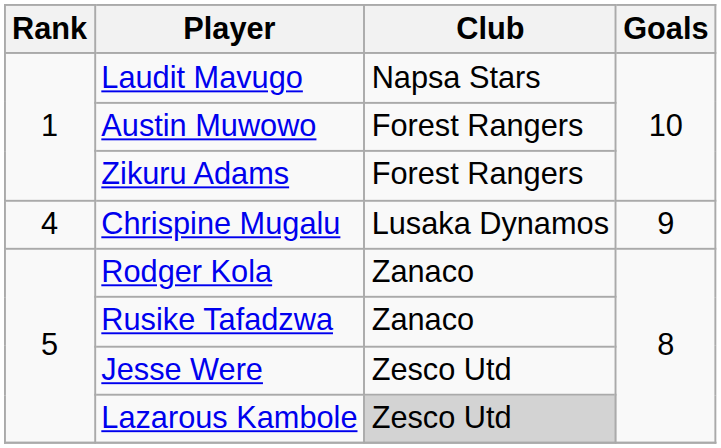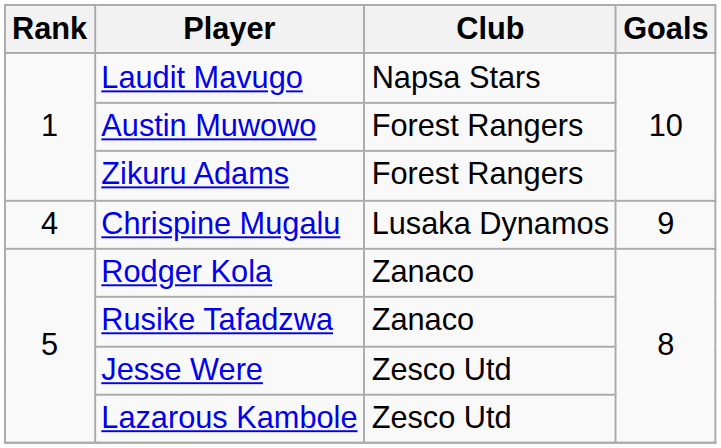 <table class="wikitable" style="text-align:center">
 <tr>
 <th>Rank</th>
 <th>Player</th>
 <th>Club</th>
 <th>Goals</th>
 </tr>
 <tr>
 <td rowspan=3>1</td>
 <td align="left"> <a href='#'>Laudit Mavugo</a></td>
 <td align="left">Napsa Stars</td>
 <td rowspan=3>10</td>
 </tr>
 <tr>
 <td align="left"> <a href='#'>Austin Muwowo</a></td>
 <td align="left">Forest Rangers</td>
 </tr>
 <tr>
 <td align="left"> <a href='#'>Zikuru Adams</a></td>
 <td align="left">Forest Rangers</td>
 </tr>
 <tr>
 <td>4</td>
 <td align="left"> <a href='#'>Chrispine Mugalu</a></td>
 <td align="left">Lusaka Dynamos</td>
 <td>9</td>
 </tr>
 <tr>
 <td rowspan=4>5</td>
 <td align="left"> <a href='#'>Rodger Kola</a></td>
 <td align="left">Zanaco</td>
 <td rowspan=4>8</td>
 </tr>
 <tr>
 <td align="left"> <a href='#'>Rusike Tafadzwa</a></td>
 <td align="left">Zanaco</td>
 </tr>
 <tr>
 <td align="left"> <a href='#'>Jesse Were</a></td>
 <td align="left">Zesco Utd</td>
 </tr>
 <tr>
 <td align="left"> <a href='#'>Lazarous Kambole</a></td>
-<td align="left" style="background: lightgrey;">Zesco Utd</td>
+<td align="left">Zesco Utd</td>
 </tr>
 <tr>
 </tr>
 </table>
